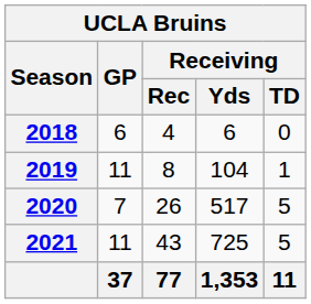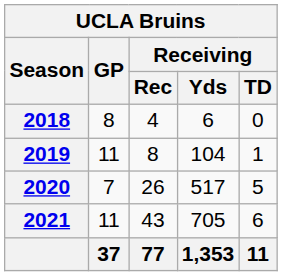 <table class="wikitable" style="text-align:center;">
 <tr>
 <th colspan="7">UCLA Bruins</th>
 </tr>
 <tr>
 <th rowspan="2">Season</th>
 <th rowspan="2">GP</th>
 <th colspan="3">Receiving</th>
 </tr>
 <tr>
 <th>Rec</th>
 <th>Yds</th>
 <th>TD</th>
 </tr>
 <tr>
 <th><a href='#'>2018</a></th>
-<td>6</td>
+<td>8</td>
 <td>4</td>
 <td>6</td>
 <td>0</td>
 </tr>
 <tr>
 <th><a href='#'>2019</a></th>
 <td>11</td>
 <td>8</td>
 <td>104</td>
 <td>1</td>
 </tr>
 <tr>
 <th><a href='#'>2020</a></th>
 <td>7</td>
 <td>26</td>
 <td>517</td>
 <td>5</td>
 </tr>
 <tr>
 <th><a href='#'>2021</a></th>
 <td>11</td>
 <td>43</td>
-<td>725</td>
-<td>5</td>
+<td>705</td>
+<td>6</td>
 </tr>
 <tr>
 <th></th>
 <th>37</th>
 <th>77</th>
 <th>1,353</th>
 <th>11</th>
 </tr>
 </table>
